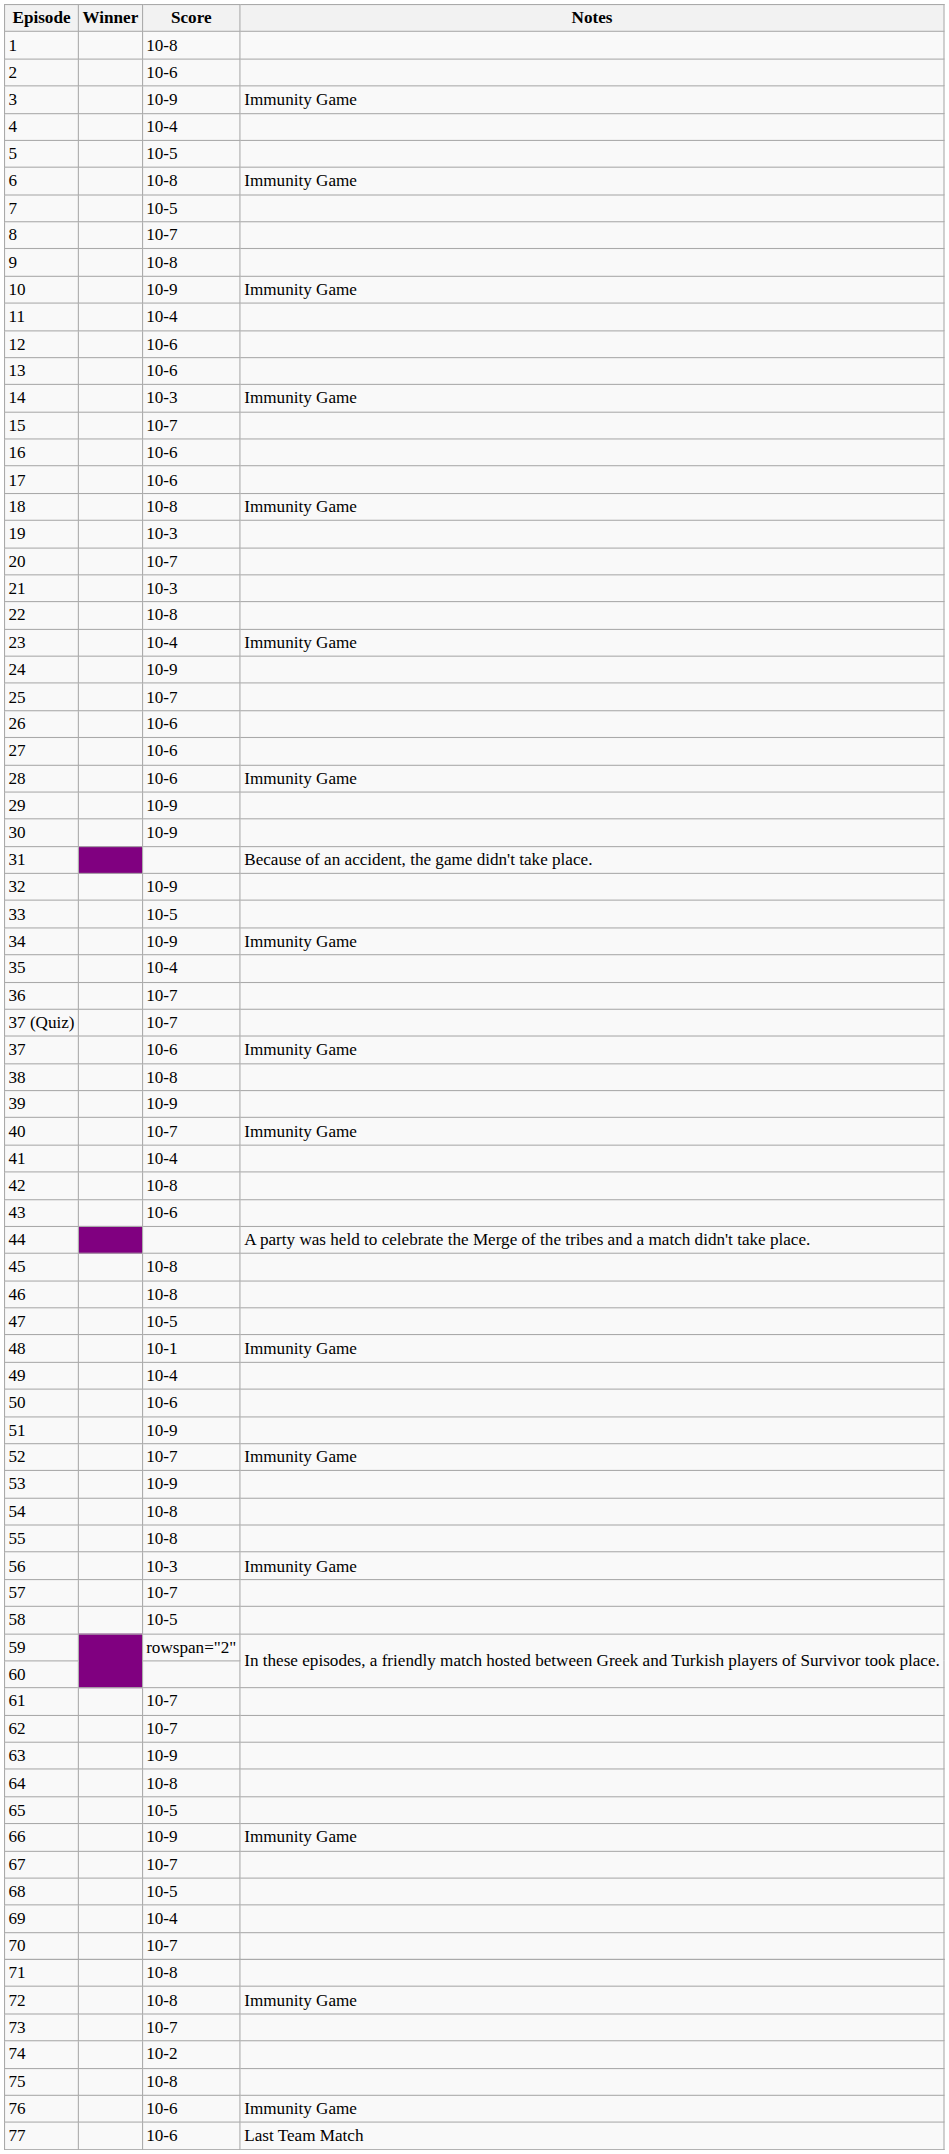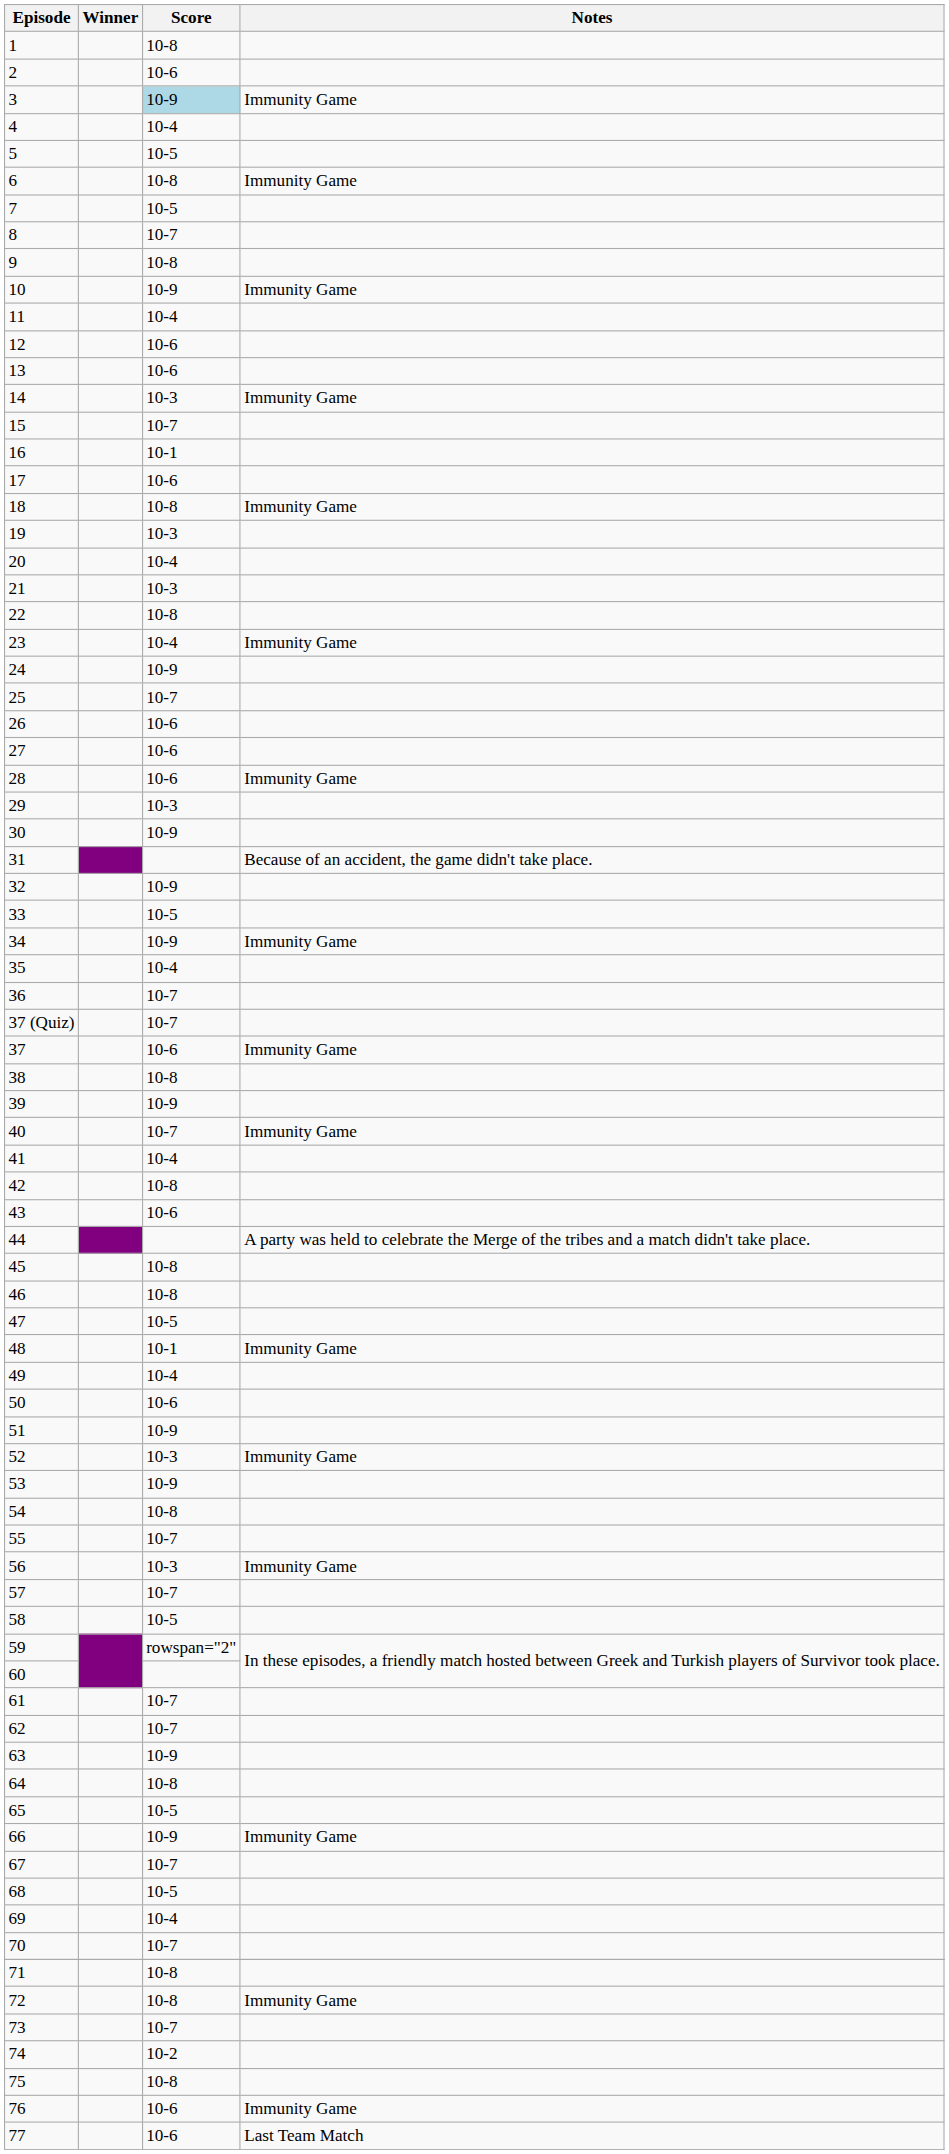 <table class="wikitable sortable">
 <tr>
 <th>Episode</th>
 <th>Winner</th>
 <th>Score</th>
 <th>Notes</th>
 </tr>
 <tr>
 <td>1</td>
 <td></td>
 <td>10-8</td>
 <td></td>
 </tr>
 <tr>
 <td>2</td>
 <td></td>
 <td>10-6</td>
 <td></td>
 </tr>
 <tr>
 <td>3</td>
 <td></td>
-<td>10-9</td>
+<td style="background: lightblue;">10-9</td>
 <td>Immunity Game</td>
 </tr>
 <tr>
 <td>4</td>
 <td></td>
 <td>10-4</td>
 <td></td>
 </tr>
 <tr>
 <td>5</td>
 <td></td>
 <td>10-5</td>
 <td></td>
 </tr>
 <tr>
 <td>6</td>
 <td></td>
 <td>10-8</td>
 <td>Immunity Game</td>
 </tr>
 <tr>
 <td>7</td>
 <td></td>
 <td>10-5</td>
 <td></td>
 </tr>
 <tr>
 <td>8</td>
 <td></td>
 <td>10-7</td>
 <td></td>
 </tr>
 <tr>
 <td>9</td>
 <td></td>
 <td>10-8</td>
 <td></td>
 </tr>
 <tr>
 <td>10</td>
 <td></td>
 <td>10-9</td>
 <td>Immunity Game</td>
 </tr>
 <tr>
 <td>11</td>
 <td></td>
 <td>10-4</td>
 <td></td>
 </tr>
 <tr>
 <td>12</td>
 <td></td>
 <td>10-6</td>
 <td></td>
 </tr>
 <tr>
 <td>13</td>
 <td></td>
 <td>10-6</td>
 <td></td>
 </tr>
 <tr>
 <td>14</td>
 <td></td>
 <td>10-3</td>
 <td>Immunity Game</td>
 </tr>
 <tr>
 <td>15</td>
 <td></td>
 <td>10-7</td>
 <td></td>
 </tr>
 <tr>
 <td>16</td>
 <td></td>
-<td>10-6</td>
+<td>10-1</td>
 <td></td>
 </tr>
 <tr>
 <td>17</td>
 <td></td>
 <td>10-6</td>
 <td></td>
 </tr>
 <tr>
 <td>18</td>
 <td></td>
 <td>10-8</td>
 <td>Immunity Game</td>
 </tr>
 <tr>
 <td>19</td>
 <td></td>
 <td>10-3</td>
 <td></td>
 </tr>
 <tr>
 <td>20</td>
 <td></td>
-<td>10-7</td>
+<td>10-4</td>
 <td></td>
 </tr>
 <tr>
 <td>21</td>
 <td></td>
 <td>10-3</td>
 <td></td>
 </tr>
 <tr>
 <td>22</td>
 <td></td>
 <td>10-8</td>
 <td></td>
 </tr>
 <tr>
 <td>23</td>
 <td></td>
 <td>10-4</td>
 <td>Immunity Game</td>
 </tr>
 <tr>
 <td>24</td>
 <td></td>
 <td>10-9</td>
 <td></td>
 </tr>
 <tr>
 <td>25</td>
 <td></td>
 <td>10-7</td>
 <td></td>
 </tr>
 <tr>
 <td>26</td>
 <td></td>
 <td>10-6</td>
 <td></td>
 </tr>
 <tr>
 <td>27</td>
 <td></td>
 <td>10-6</td>
 <td></td>
 </tr>
 <tr>
 <td>28</td>
 <td></td>
 <td>10-6</td>
 <td>Immunity Game</td>
 </tr>
 <tr>
 <td>29</td>
 <td></td>
-<td>10-9</td>
+<td>10-3</td>
 <td></td>
 </tr>
 <tr>
 <td>30</td>
 <td></td>
 <td>10-9</td>
 <td></td>
 </tr>
 <tr>
 <td>31</td>
 <td rowspan=1 bgcolor=purple></td>
 <td></td>
 <td>Because of an accident, the game didn't take place.</td>
 </tr>
 <tr>
 <td>32</td>
 <td></td>
 <td>10-9</td>
 <td></td>
 </tr>
 <tr>
 <td>33</td>
 <td></td>
 <td>10-5</td>
 <td></td>
 </tr>
 <tr>
 <td>34</td>
 <td></td>
 <td>10-9</td>
 <td>Immunity Game</td>
 </tr>
 <tr>
 <td>35</td>
 <td></td>
 <td>10-4</td>
 <td></td>
 </tr>
 <tr>
 <td>36</td>
 <td></td>
 <td>10-7</td>
 <td></td>
 </tr>
 <tr>
 <td>37 (Quiz)</td>
 <td></td>
 <td>10-7</td>
 <td></td>
 </tr>
 <tr>
 <td>37</td>
 <td></td>
 <td>10-6</td>
 <td>Immunity Game</td>
 </tr>
 <tr>
 <td>38</td>
 <td></td>
 <td>10-8</td>
 <td></td>
 </tr>
 <tr>
 <td>39</td>
 <td></td>
 <td>10-9</td>
 <td></td>
 </tr>
 <tr>
 <td>40</td>
 <td></td>
 <td>10-7</td>
 <td>Immunity Game</td>
 </tr>
 <tr>
 <td>41</td>
 <td></td>
 <td>10-4</td>
 <td></td>
 </tr>
 <tr>
 <td>42</td>
 <td></td>
 <td>10-8</td>
 <td></td>
 </tr>
 <tr>
 <td>43</td>
 <td></td>
 <td>10-6</td>
 <td></td>
 </tr>
 <tr t>
 <td>44</td>
 <td rowspan=1 bgcolor=purple></td>
 <td></td>
 <td>A party was held to celebrate the Merge of the tribes and a match didn't take place.</td>
 </tr>
 <tr>
 <td>45</td>
 <td></td>
 <td>10-8</td>
 <td></td>
 </tr>
 <tr>
 <td>46</td>
 <td></td>
 <td>10-8</td>
 <td></td>
 </tr>
 <tr>
 <td>47</td>
 <td></td>
 <td>10-5</td>
 <td></td>
 </tr>
 <tr>
 <td>48</td>
 <td></td>
 <td>10-1</td>
 <td>Immunity Game</td>
 </tr>
 <tr>
 <td>49</td>
 <td></td>
 <td>10-4</td>
 <td></td>
 </tr>
 <tr>
 <td>50</td>
 <td></td>
 <td>10-6</td>
 <td></td>
 </tr>
 <tr>
 <td>51</td>
 <td></td>
 <td>10-9</td>
 <td></td>
 </tr>
 <tr>
 <td>52</td>
 <td></td>
-<td>10-7</td>
+<td>10-3</td>
 <td>Immunity Game</td>
 </tr>
 <tr>
 <td>53</td>
 <td></td>
 <td>10-9</td>
 <td></td>
 </tr>
 <tr>
 <td>54</td>
 <td></td>
 <td>10-8</td>
 <td></td>
 </tr>
 <tr>
 <td>55</td>
 <td></td>
-<td>10-8</td>
+<td>10-7</td>
 <td></td>
 </tr>
 <tr>
 <td>56</td>
 <td></td>
 <td>10-3</td>
 <td>Immunity Game</td>
 </tr>
 <tr>
 <td>57</td>
 <td></td>
 <td>10-7</td>
 <td></td>
 </tr>
 <tr>
 <td>58</td>
 <td></td>
 <td>10-5</td>
 <td></td>
 </tr>
 <tr>
 <td>59</td>
 <td rowspan="2" bgcolor=purple></td>
 <td>rowspan="2" </td>
 <td rowspan="2">In these episodes, a friendly match hosted between Greek and Turkish players of Survivor took place.</td>
 </tr>
 <tr>
 <td>60</td>
 </tr>
 <tr>
 <td>61</td>
 <td></td>
 <td>10-7</td>
 <td></td>
 </tr>
 <tr>
 <td>62</td>
 <td></td>
 <td>10-7</td>
 <td></td>
 </tr>
 <tr>
 <td>63</td>
 <td></td>
 <td>10-9</td>
 <td></td>
 </tr>
 <tr>
 <td>64</td>
 <td></td>
 <td>10-8</td>
 <td></td>
 </tr>
 <tr>
 <td>65</td>
 <td></td>
 <td>10-5</td>
 <td></td>
 </tr>
 <tr>
 <td>66</td>
 <td></td>
 <td>10-9</td>
 <td>Immunity Game</td>
 </tr>
 <tr>
 <td>67</td>
 <td></td>
 <td>10-7</td>
 <td></td>
 </tr>
 <tr>
 <td>68</td>
 <td></td>
 <td>10-5</td>
 <td></td>
 </tr>
 <tr>
 <td>69</td>
 <td></td>
 <td>10-4</td>
 <td></td>
 </tr>
 <tr>
 <td>70</td>
 <td></td>
 <td>10-7</td>
 <td></td>
 </tr>
 <tr>
 </tr>
 <tr>
 <td>71</td>
 <td></td>
 <td>10-8</td>
 <td></td>
 </tr>
 <tr>
 <td>72</td>
 <td></td>
 <td>10-8</td>
 <td>Immunity Game</td>
 </tr>
 <tr>
 <td>73</td>
 <td></td>
 <td>10-7</td>
 <td></td>
 </tr>
 <tr>
 <td>74</td>
 <td></td>
 <td>10-2</td>
 <td></td>
 </tr>
 <tr>
 <td>75</td>
 <td></td>
 <td>10-8</td>
 <td></td>
 </tr>
 <tr>
 <td>76</td>
 <td></td>
 <td>10-6</td>
 <td>Immunity Game</td>
 </tr>
 <tr>
 <td>77</td>
 <td></td>
 <td>10-6</td>
 <td>Last Team Match</td>
 </tr>
 <tr>
 </tr>
 </table>
